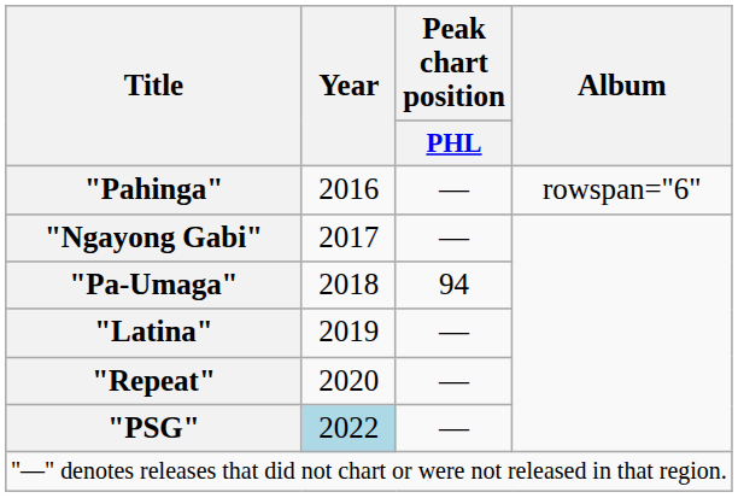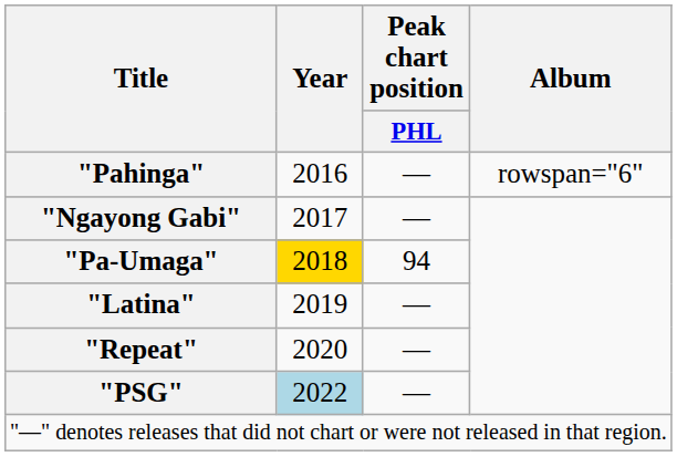 <table class="wikitable plainrowheaders" style="text-align:center;">
 <tr>
 <th scope="col" rowspan="2">Title</th>
 <th scope="col" rowspan="2">Year</th>
 <th colspan="1" scope="col">Peak chart position</th>
 <th scope="col" rowspan="2">Album</th>
 </tr>
 <tr>
 <th scope="col" style="font-size:90%; width:3.5em"><a href='#'>PHL</a><br></th>
 </tr>
 <tr>
 <th scope="row">"Pahinga"</th>
 <td>2016</td>
 <td>—</td>
 <td>rowspan="6" </td>
 </tr>
 <tr>
 <th scope="row">"Ngayong Gabi"</th>
 <td>2017</td>
 <td>—</td>
 </tr>
 <tr>
 <th scope="row">"Pa-Umaga"</th>
-<td>2018</td>
+<td style="background: gold;">2018</td>
 <td>94</td>
 </tr>
 <tr>
 <th scope="row">"Latina"</th>
 <td>2019</td>
 <td>—</td>
 </tr>
 <tr>
 <th scope="row">"Repeat"</th>
 <td>2020</td>
 <td>—</td>
 </tr>
 <tr>
 <th scope="row">"PSG"</th>
 <td style="background: lightblue;">2022</td>
 <td>—</td>
 </tr>
 <tr>
 <td colspan="4" style="font-size:8pt"><big>"—" denotes releases that did not chart or were not released in that region.</big></td>
 </tr>
 </table>
